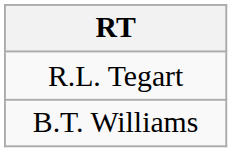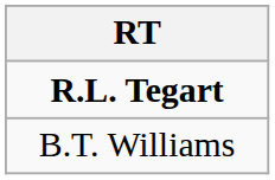 <table class="wikitable" width="120px">
 <tr>
 <th>RT</th>
 </tr>
 <tr>
-<td align="center">R.L. Tegart</td>
+<td align="center"><strong>R.L. Tegart</strong></td>
 </tr>
 <tr>
 <td align="center">B.T. Williams</td>
 </tr>
 </table>
